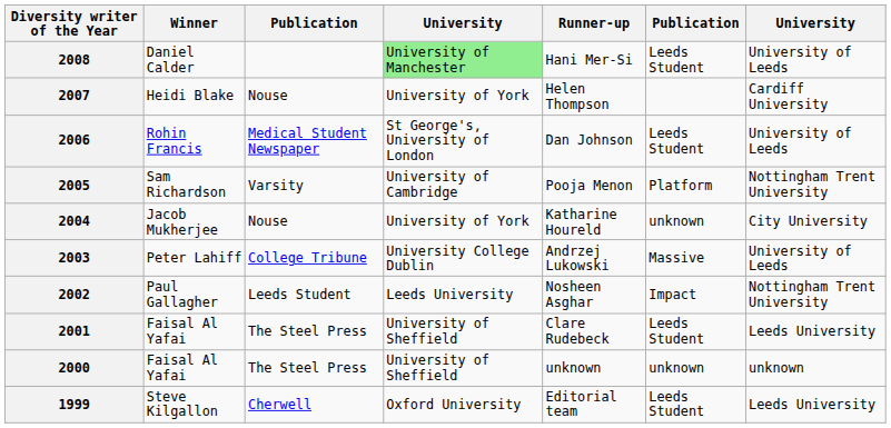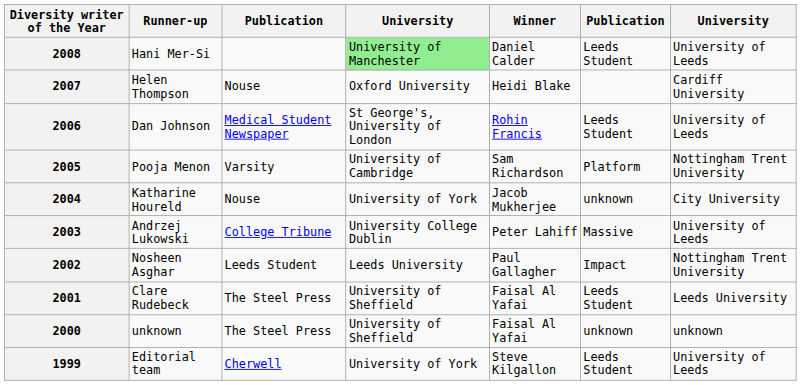 <table class="wikitable" style="font-align: center">
 <tr>
 <th>Diversity writer of the Year</th>
-<th>Winner</th>
+<th>Runner-up</th>
 <th>Publication</th>
 <th>University</th>
-<th>Runner-up</th>
+<th>Winner</th>
 <th>Publication</th>
 <th>University</th>
 </tr>
 <tr>
 <th>2008</th>
-<td>Daniel Calder</td>
+<td>Hani Mer-Si</td>
 <td></td>
 <td style="background: lightgreen;">University of Manchester</td>
-<td>Hani Mer-Si</td>
+<td>Daniel Calder</td>
 <td>Leeds Student</td>
 <td>University of Leeds</td>
 </tr>
 <tr>
 <th>2007</th>
+<td>Helen Thompson</td>
+<td>Nouse</td>
+<td>Oxford University</td>
 <td>Heidi Blake</td>
-<td>Nouse</td>
-<td>University of York</td>
-<td>Helen Thompson</td>
 <td></td>
 <td>Cardiff University</td>
 </tr>
 <tr>
 <th>2006</th>
-<td><a href='#'>Rohin Francis</a></td>
+<td>Dan Johnson</td>
 <td><a href='#'>Medical Student Newspaper</a></td>
 <td>St George's, University of London</td>
-<td>Dan Johnson</td>
+<td><a href='#'>Rohin Francis</a></td>
 <td>Leeds Student</td>
 <td>University of Leeds</td>
 </tr>
 <tr>
 <th>2005</th>
-<td>Sam Richardson</td>
+<td>Pooja Menon</td>
 <td>Varsity</td>
 <td>University of Cambridge</td>
-<td>Pooja Menon</td>
+<td>Sam Richardson</td>
 <td>Platform</td>
 <td>Nottingham Trent University</td>
 </tr>
 <tr>
 <th>2004</th>
-<td>Jacob Mukherjee</td>
+<td>Katharine Houreld</td>
 <td>Nouse</td>
 <td>University of York</td>
-<td>Katharine Houreld</td>
+<td>Jacob Mukherjee</td>
 <td>unknown</td>
 <td>City University</td>
 </tr>
 <tr>
 <th>2003</th>
-<td>Peter Lahiff</td>
+<td>Andrzej Lukowski</td>
 <td><a href='#'>College Tribune</a></td>
 <td>University College Dublin</td>
-<td>Andrzej Lukowski</td>
+<td>Peter Lahiff</td>
 <td>Massive</td>
 <td>University of Leeds</td>
 </tr>
 <tr>
 <th>2002</th>
-<td>Paul Gallagher</td>
+<td>Nosheen Asghar</td>
 <td>Leeds Student</td>
 <td>Leeds University</td>
-<td>Nosheen Asghar</td>
+<td>Paul Gallagher</td>
 <td>Impact</td>
 <td>Nottingham Trent University</td>
 </tr>
 <tr>
 <th>2001</th>
-<td>Faisal Al Yafai</td>
+<td>Clare Rudebeck</td>
 <td>The Steel Press</td>
 <td>University of Sheffield</td>
-<td>Clare Rudebeck</td>
+<td>Faisal Al Yafai</td>
 <td>Leeds Student</td>
 <td>Leeds University</td>
 </tr>
 <tr>
 <th>2000</th>
-<td>Faisal Al Yafai</td>
+<td>unknown</td>
 <td>The Steel Press</td>
 <td>University of Sheffield</td>
-<td>unknown</td>
+<td>Faisal Al Yafai</td>
 <td>unknown</td>
 <td>unknown</td>
 </tr>
 <tr>
 <th>1999</th>
+<td>Editorial team</td>
+<td><a href='#'>Cherwell</a></td>
+<td>University of York</td>
 <td>Steve Kilgallon</td>
-<td><a href='#'>Cherwell</a></td>
-<td>Oxford University</td>
-<td>Editorial team</td>
 <td>Leeds Student</td>
-<td>Leeds University</td>
+<td>University of Leeds</td>
 </tr>
 </table>
